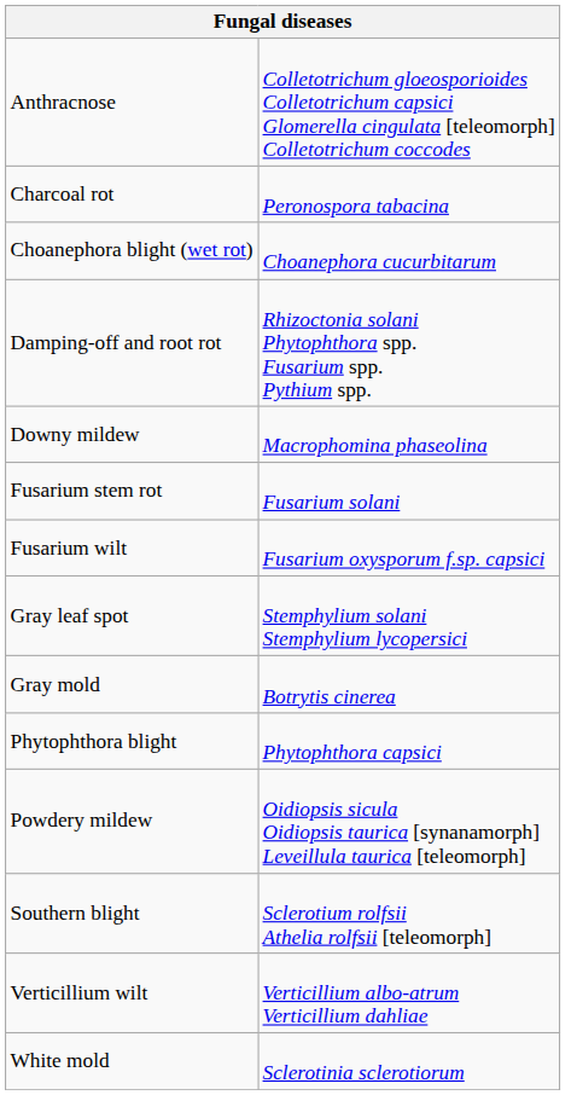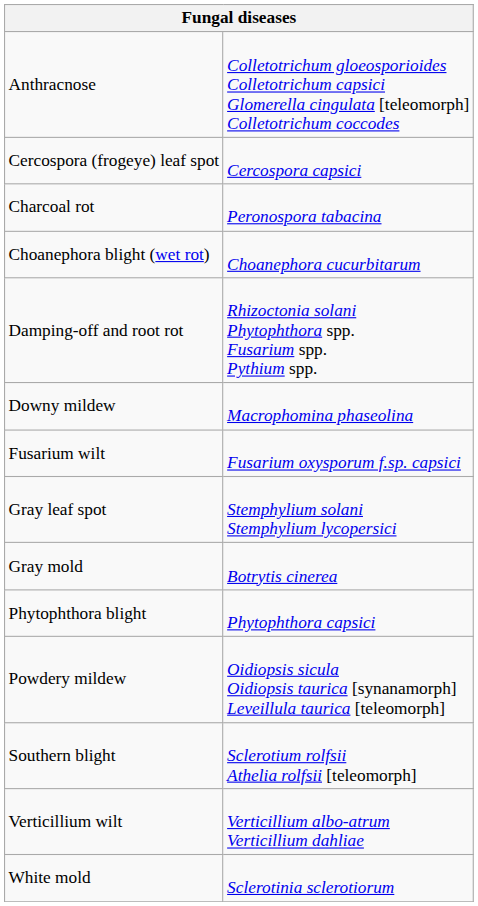 <table class="wikitable" style="clear">
 <tr>
 <th colspan=2><strong>Fungal diseases</strong><br></th>
 </tr>
 <tr>
 <td>Anthracnose</td>
 <td><br><em><a href='#'>Colletotrichum gloeosporioides</a></em><br> <em><a href='#'>Colletotrichum capsici</a></em><br> <em><a href='#'>Glomerella cingulata</a></em> [teleomorph] <br> <em><a href='#'>Colletotrichum coccodes</a></em></td>
+</tr>
+<tr>
+<td>Cercospora (frogeye) leaf spot</td>
+<td><br><em><a href='#'>Cercospora capsici</a></em></td>
 </tr>
 <tr>
 <td>Charcoal rot</td>
 <td><br><em><a href='#'>Peronospora tabacina</a></em></td>
 </tr>
 <tr>
 <td>Choanephora blight (<a href='#'>wet rot</a>)</td>
 <td><br><em><a href='#'>Choanephora cucurbitarum</a></em></td>
 </tr>
 <tr>
 <td>Damping-off and root rot</td>
 <td><br><em><a href='#'>Rhizoctonia solani</a></em> <br> <em><a href='#'>Phytophthora</a></em> spp. <br> <em><a href='#'>Fusarium</a></em> spp. <br> <em><a href='#'>Pythium</a></em> spp.</td>
 </tr>
 <tr>
 <td>Downy mildew</td>
 <td><br><em><a href='#'>Macrophomina phaseolina</a></em></td>
-</tr>
-<tr>
-<td>Fusarium stem rot</td>
-<td><br><em><a href='#'>Fusarium solani</a></em></td>
 </tr>
 <tr>
 <td>Fusarium wilt</td>
 <td><br><em><a href='#'>Fusarium oxysporum f.sp. capsici</a></em></td>
 </tr>
 <tr>
 <td>Gray leaf spot</td>
 <td><br><em><a href='#'>Stemphylium solani</a></em><br> <em><a href='#'>Stemphylium lycopersici</a></em></td>
 </tr>
 <tr>
 <td>Gray mold</td>
 <td><br><em><a href='#'>Botrytis cinerea</a></em><br></td>
 </tr>
 <tr>
 <td>Phytophthora blight</td>
 <td><br><em><a href='#'>Phytophthora capsici</a></em></td>
 </tr>
 <tr>
 <td>Powdery mildew</td>
 <td><br><em><a href='#'>Oidiopsis sicula</a></em> <br> <em><a href='#'>Oidiopsis taurica</a></em> [synanamorph] <br> <em><a href='#'>Leveillula taurica</a></em> [teleomorph]</td>
 </tr>
 <tr>
 <td>Southern blight</td>
 <td><br><em><a href='#'>Sclerotium rolfsii</a></em><br> <em><a href='#'>Athelia rolfsii</a></em> [teleomorph]</td>
 </tr>
 <tr>
 <td>Verticillium wilt</td>
 <td><br><em><a href='#'>Verticillium albo-atrum</a></em><br> <em><a href='#'>Verticillium dahliae</a></em></td>
 </tr>
 <tr>
 <td>White mold</td>
 <td><br><em><a href='#'>Sclerotinia sclerotiorum</a></em></td>
 </tr>
 <tr>
 </tr>
 </table>
